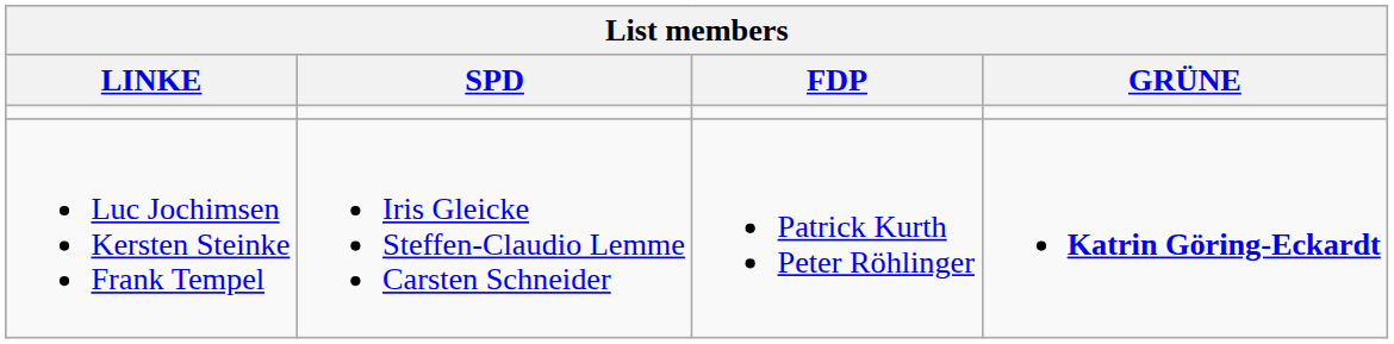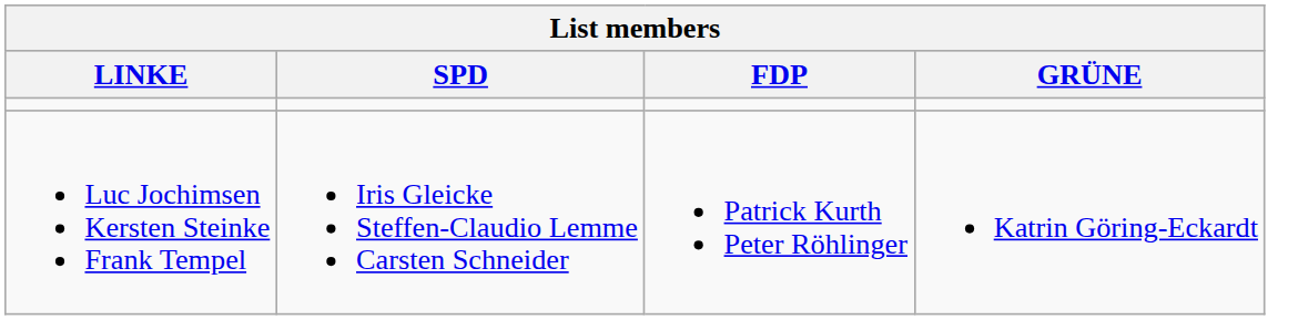 <table class=wikitable>
 <tr>
 <th colspan=4>List members</th>
 </tr>
 <tr>
 <th><a href='#'>LINKE</a></th>
 <th><a href='#'>SPD</a></th>
 <th><a href='#'>FDP</a></th>
 <th><a href='#'>GRÜNE</a></th>
 </tr>
 <tr>
 <td bgcolor=></td>
 <td bgcolor=></td>
 <td bgcolor=></td>
 <td bgcolor=></td>
 </tr>
 <tr>
 <td><br><ul><li><a href='#'>Luc Jochimsen</a></li><li><a href='#'>Kersten Steinke</a></li><li><a href='#'>Frank Tempel</a></li></ul></td>
 <td><br><ul><li><a href='#'>Iris Gleicke</a></li><li><a href='#'>Steffen-Claudio Lemme</a></li><li><a href='#'>Carsten Schneider</a></li></ul></td>
 <td><br><ul><li><a href='#'>Patrick Kurth</a></li><li><a href='#'>Peter Röhlinger</a></li></ul></td>
-<td><strong><br><ul><li><a href='#'>Katrin Göring-Eckardt</a></li></ul></strong></td>
+<td><br><ul><li><a href='#'>Katrin Göring-Eckardt</a></li></ul></td>
 </tr>
 </table>
